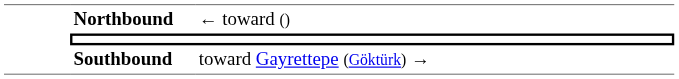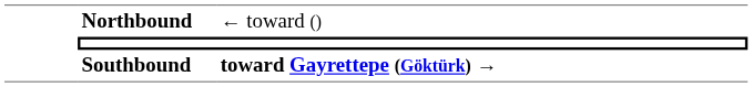 <table table border=0 cellspacing=0 cellpadding=3>
 <tr>
 <td style="border-top:solid 1px gray;border-bottom:solid 1px gray;" width=50 rowspan=3 valign=top></td>
 <td style="border-top:solid 1px gray;" width=100><strong>Northbound</strong></td>
 <td style="border-top:solid 1px gray;" width=400>←  toward  <small>()</small></td>
 </tr>
 <tr>
 <td style="border-top:solid 2px black;border-right:solid 2px black;border-left:solid 2px black;border-bottom:solid 2px black;text-align:center;" colspan=2></td>
 </tr>
 <tr>
 <td style="border-bottom:solid 1px gray;"><strong>Southbound</strong></td>
-<td style="border-bottom:solid 1px gray;"> toward <a href='#'>Gayrettepe</a> <small>(<a href='#'>Göktürk</a>)</small> →</td>
+<td style="border-bottom:solid 1px gray;"><strong> toward <a href='#'>Gayrettepe</a> <small>(<a href='#'>Göktürk</a>)</small> →</strong></td>
 </tr>
 </table>
